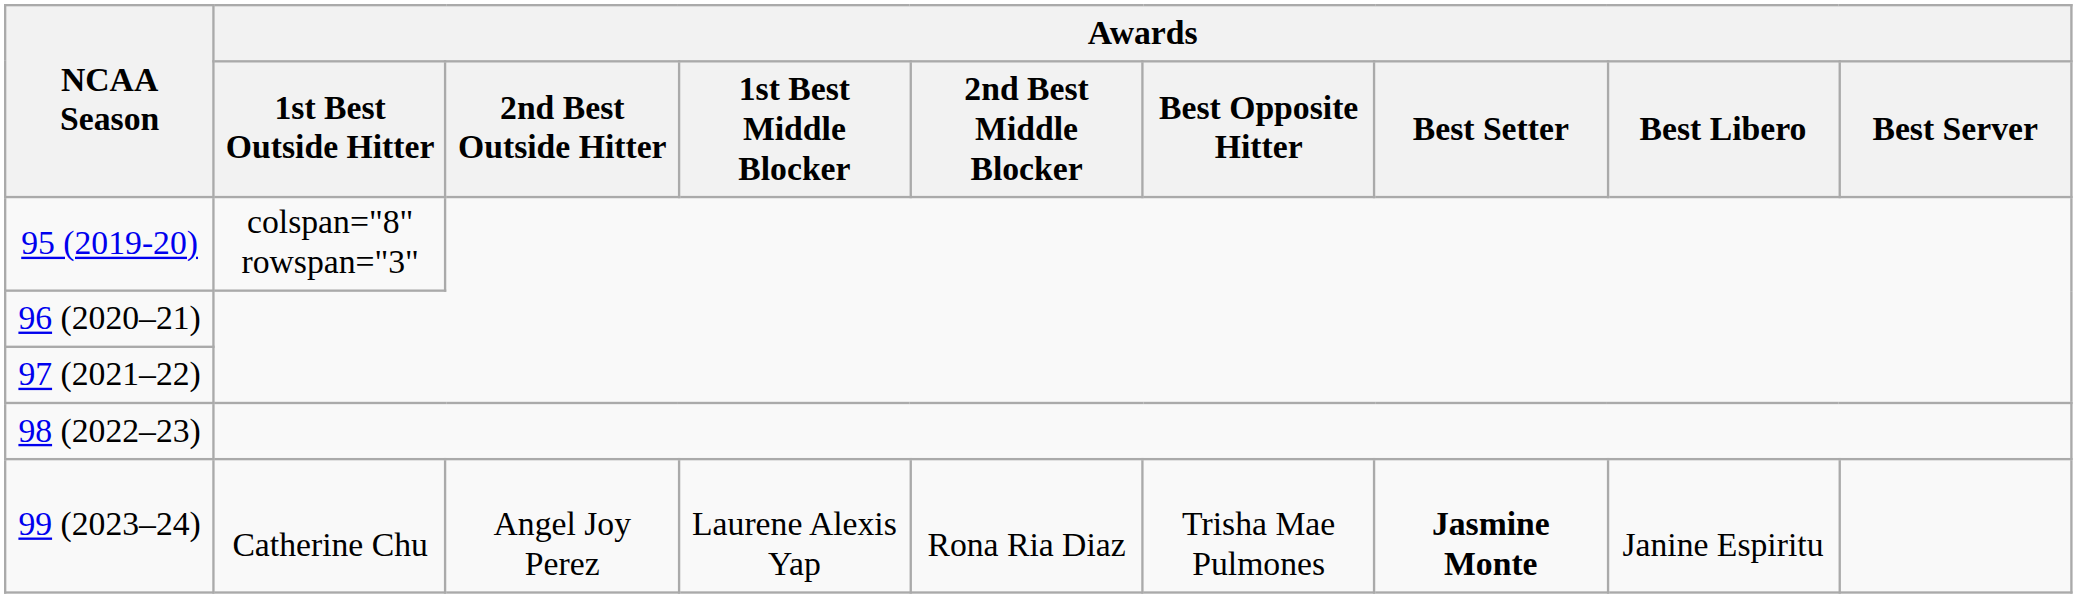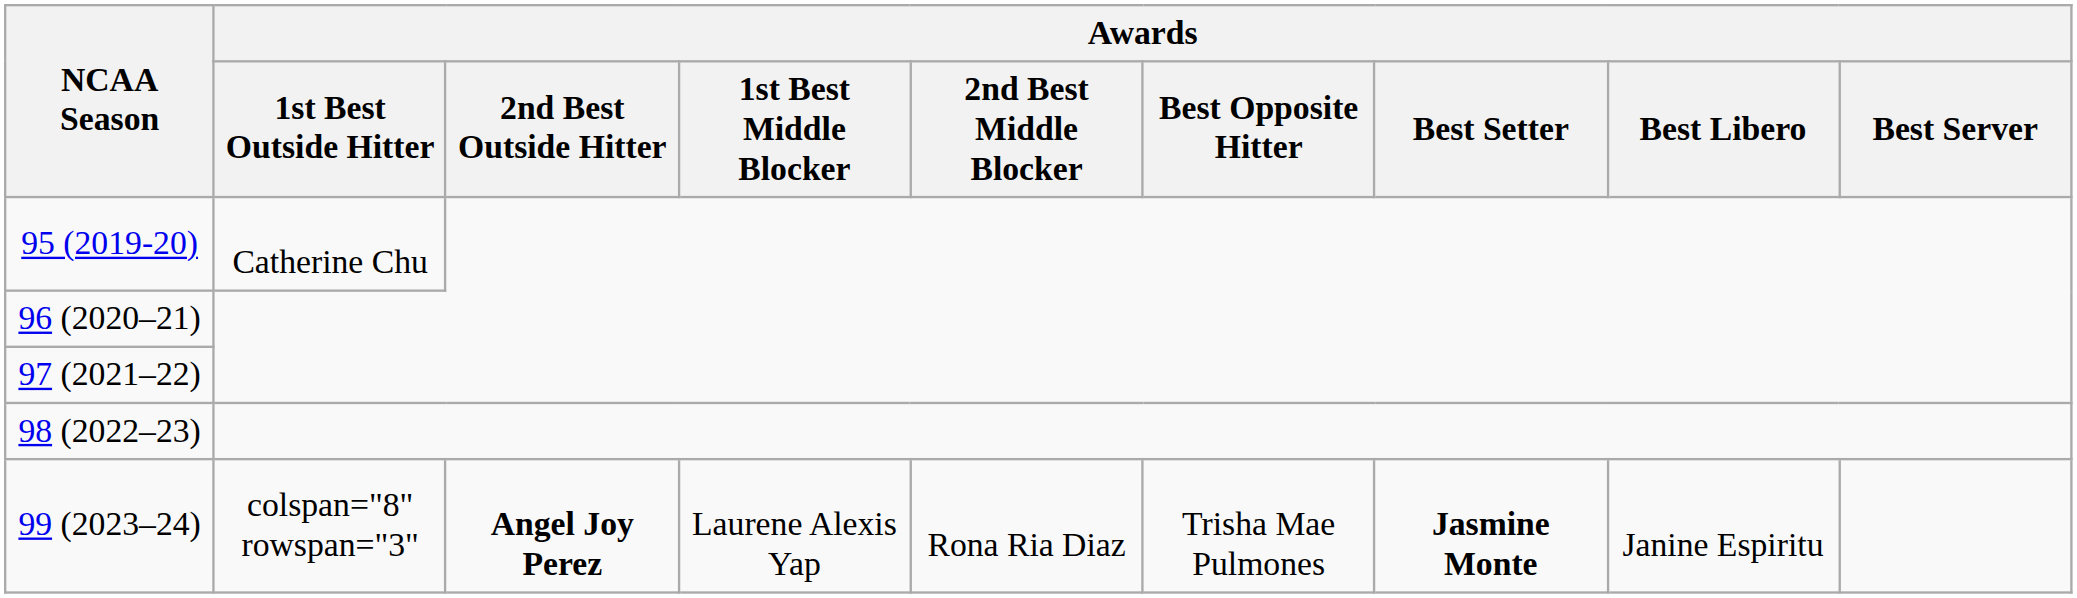 <table class="wikitable" width=100% style="font-size:90%; text-align:center;">
 <tr>
 <th width=9% rowspan=2>NCAA Season</th>
 <th colspan=8>Awards</th>
 </tr>
 <tr>
 <th width=10%>1st Best Outside Hitter</th>
 <th width=10%>2nd Best Outside Hitter</th>
 <th width=10%>1st Best Middle Blocker</th>
 <th width=10%>2nd Best Middle Blocker</th>
 <th width=10%>Best Opposite Hitter</th>
 <th width=10%>Best Setter</th>
 <th width=10%>Best Libero</th>
 <th width=10%>Best Server</th>
 </tr>
 <tr>
 <td><a href='#'>95 (2019-20)</a></td>
-<td>colspan="8" rowspan="3" </td>
+<td><br> Catherine Chu</td>
 </tr>
 <tr>
 <td align="center"><a href='#'>96</a> (2020–21)</td>
 </tr>
 <tr>
 <td align="center"><a href='#'>97</a> (2021–22)</td>
 </tr>
 <tr>
 <td align="center"><a href='#'>98</a> (2022–23)</td>
 <td colspan="8"></td>
 </tr>
 <tr>
 <td align="center"><a href='#'>99</a> (2023–24)</td>
-<td><br> Catherine Chu</td>
-<td><br> Angel Joy Perez</td>
+<td>colspan="8" rowspan="3" </td>
+<td><strong><br> Angel Joy Perez</strong></td>
 <td><br> Laurene Alexis Yap</td>
 <td><br> Rona Ria Diaz</td>
 <td><br> Trisha Mae Pulmones</td>
 <td><strong><br> Jasmine Monte</strong></td>
 <td><br> Janine Espiritu</td>
 <td></td>
 </tr>
 </table>
